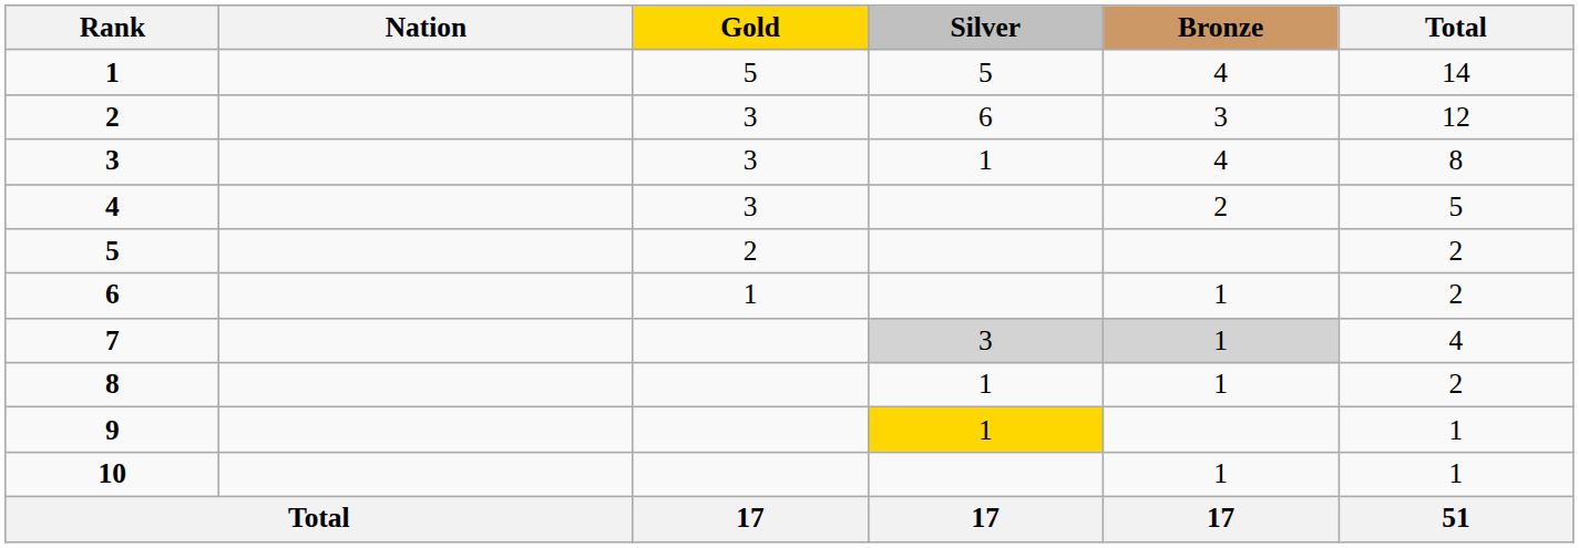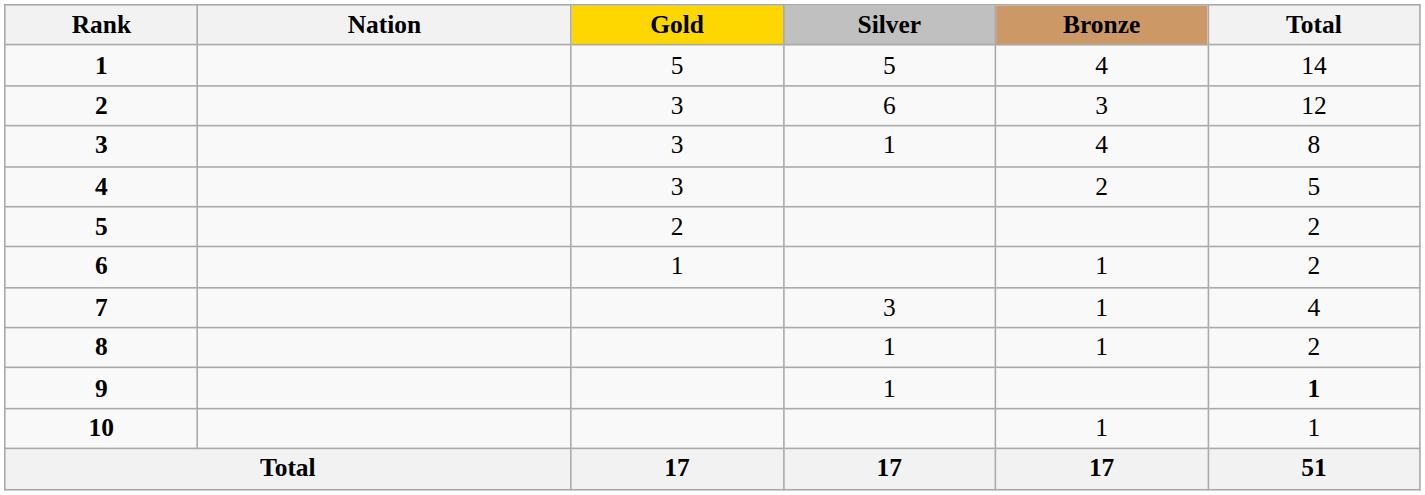 <table class="wikitable collapsible autocollapse plainrowheaders" width=70.5% style="text-align:center;">
 <tr style="background-color:#EDEDED;">
 <th width=100px class="hintergrundfarbe5">Rank</th>
 <th width=200px class="hintergrundfarbe6">Nation</th>
 <th style="background:    gold; width:15%">Gold</th>
 <th style="background:  silver; width:15%">Silver</th>
 <th style="background: #CC9966; width:15%">Bronze</th>
 <th class="hintergrundfarbe6" style="width:15%">Total</th>
 </tr>
 <tr>
 <td><strong>1</strong></td>
 <td align=left></td>
 <td>5</td>
 <td>5</td>
 <td>4</td>
 <td>14</td>
 </tr>
 <tr>
 <td><strong>2</strong></td>
 <td align=left></td>
 <td>3</td>
 <td>6</td>
 <td>3</td>
 <td>12</td>
 </tr>
 <tr>
 <td><strong>3</strong></td>
 <td align=left></td>
 <td>3</td>
 <td>1</td>
 <td>4</td>
 <td>8</td>
 </tr>
 <tr>
 <td><strong>4</strong></td>
 <td align=left></td>
 <td>3</td>
 <td></td>
 <td>2</td>
 <td>5</td>
 </tr>
 <tr>
 <td><strong>5</strong></td>
 <td align=left></td>
 <td>2</td>
 <td></td>
 <td></td>
 <td>2</td>
 </tr>
 <tr>
 <td><strong>6</strong></td>
 <td align=left></td>
 <td>1</td>
 <td></td>
 <td>1</td>
 <td>2</td>
 </tr>
 <tr>
 <td><strong>7</strong></td>
 <td align=left></td>
 <td></td>
-<td style="background: lightgrey;">3</td>
-<td style="background: lightgrey;">1</td>
+<td>3</td>
+<td>1</td>
 <td>4</td>
 </tr>
 <tr>
 <td><strong>8</strong></td>
 <td align=left></td>
 <td></td>
 <td>1</td>
 <td>1</td>
 <td>2</td>
 </tr>
 <tr>
 <td><strong>9</strong></td>
 <td align=left></td>
 <td></td>
-<td style="background: gold;">1</td>
+<td>1</td>
 <td></td>
-<td>1</td>
+<td><strong>1</strong></td>
 </tr>
 <tr>
 <td><strong>10</strong></td>
 <td align=left></td>
 <td></td>
 <td></td>
 <td>1</td>
 <td>1</td>
 </tr>
 <tr>
 <th colspan=2>Total</th>
 <th>17</th>
 <th>17</th>
 <th>17</th>
 <th>51</th>
 </tr>
 </table>
